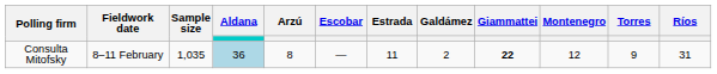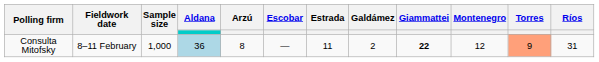 <table class="wikitable sortable" style="text-align:center;font-size:90%;line-height:14px;">
 <tr style="height:40px;">
 <th style="width:100px;" rowspan="2">Polling firm</th>
 <th style="width:100px;" rowspan="2">Fieldwork date</th>
 <th style="width:30px;" rowspan="2">Sample size</th>
 <th class="unsortable" style="width:60px;"><a href='#'>Aldana</a><br></th>
 <th class="unsortable" style="width:60px;">Arzú<br></th>
 <th class="unsortable" style="width:60px;"><a href='#'>Escobar</a><br></th>
 <th class="unsortable" style="width:60px;">Estrada<br></th>
 <th class="unsortable" style="width:60px;">Galdámez<br></th>
 <th class="unsortable" style="width:60px;"><a href='#'>Giammattei</a><br></th>
 <th class="unsortable" style="width:60px;"><a href='#'>Montenegro</a><br></th>
 <th class="unsortable" style="width:60px;"><a href='#'>Torres</a><br></th>
 <th class="unsortable" style="width:60px;"><a href='#'>Ríos</a><br></th>
 </tr>
 <tr>
 <th style="background:#00CCC9;"></th>
 <th style="background:"></th>
 <th style="background:"></th>
 <th style="background:"></th>
 <th style="background:"></th>
 <th style="background:"></th>
 <th style="background:"></th>
 <th style="background:"></th>
 <th style="background:"></th>
 </tr>
 <tr>
 <td>Consulta Mitofsky</td>
 <td>8–11 February</td>
-<td>1,035</td>
+<td>1,000</td>
 <td style="background:#ADD8E6;">36</td>
 <td>8</td>
 <td>—</td>
 <td>11</td>
 <td>2</td>
 <td><strong>22</strong></td>
 <td>12</td>
-<td>9</td>
+<td style="background: lightsalmon;">9</td>
 <td>31</td>
 </tr>
 </table>
